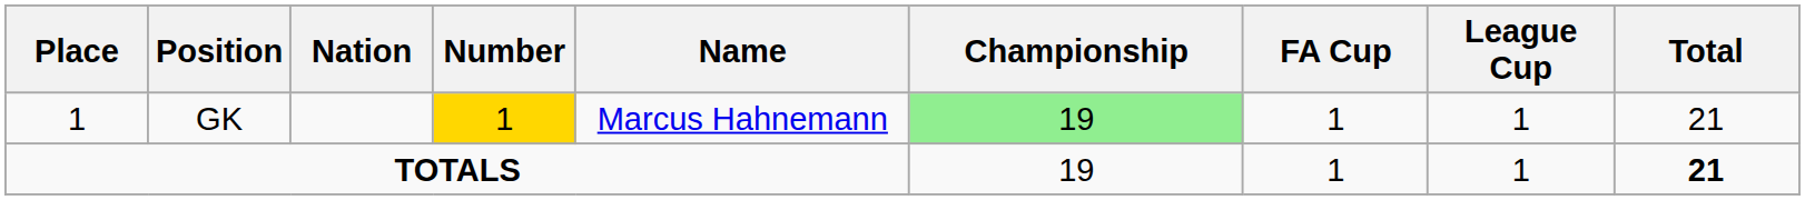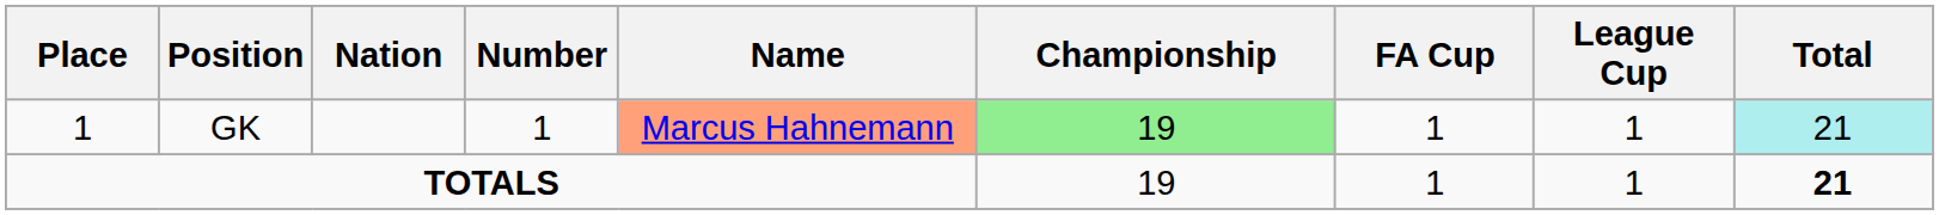 <table class="wikitable" style="font-size: 95%; text-align: center;">
 <tr>
 <th width=60>Place</th>
 <th width=60>Position</th>
 <th width=60>Nation</th>
 <th width=60>Number</th>
 <th width=150>Name</th>
 <th width=150>Championship</th>
 <th width=80>FA Cup</th>
 <th width=80>League Cup</th>
 <th width=80>Total</th>
 </tr>
 <tr>
 <td>1</td>
 <td>GK</td>
 <td></td>
-<td style="background: gold;">1</td>
-<td><a href='#'>Marcus Hahnemann</a></td>
+<td>1</td>
+<td style="background: lightsalmon;"><a href='#'>Marcus Hahnemann</a></td>
 <td style="background: lightgreen;">19</td>
 <td>1</td>
 <td>1</td>
-<td>21</td>
+<td style="background: paleturquoise;">21</td>
 </tr>
 <tr>
 <td colspan="5"><strong>TOTALS</strong></td>
 <td>19</td>
 <td>1</td>
 <td>1</td>
 <td><strong>21</strong></td>
 </tr>
 </table>
